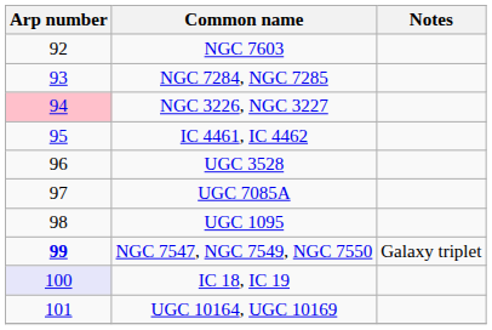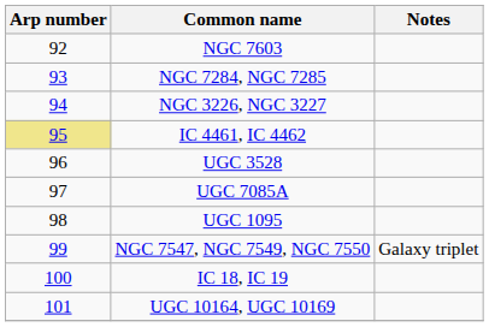 <table class="wikitable" style="text-align:center;">
 <tr>
 <th>Arp number</th>
 <th>Common name</th>
 <th>Notes</th>
 </tr>
 <tr>
 <td>92</td>
 <td><a href='#'>NGC 7603</a></td>
 <td></td>
 </tr>
 <tr>
 <td><a href='#'>93</a></td>
 <td><a href='#'>NGC 7284</a>, <a href='#'>NGC 7285</a></td>
 <td></td>
 </tr>
 <tr>
-<td style="background: pink;"><a href='#'>94</a></td>
+<td><a href='#'>94</a></td>
 <td><a href='#'>NGC 3226</a>, <a href='#'>NGC 3227</a></td>
 <td></td>
 </tr>
 <tr>
-<td><a href='#'>95</a></td>
+<td style="background: khaki;"><a href='#'>95</a></td>
 <td><a href='#'>IC 4461</a>, <a href='#'>IC 4462</a></td>
 <td></td>
 </tr>
 <tr>
 <td>96</td>
 <td><a href='#'>UGC 3528</a></td>
 <td></td>
 </tr>
 <tr>
 <td>97</td>
 <td><a href='#'>UGC 7085A</a></td>
 <td></td>
 </tr>
 <tr>
 <td>98</td>
 <td><a href='#'>UGC 1095</a></td>
 <td></td>
 </tr>
 <tr>
-<td><strong><a href='#'>99</a></strong></td>
+<td><a href='#'>99</a></td>
 <td><a href='#'>NGC 7547</a>, <a href='#'>NGC 7549</a>, <a href='#'>NGC 7550</a></td>
 <td>Galaxy triplet</td>
 </tr>
 <tr>
-<td style="background: lavender;"><a href='#'>100</a></td>
+<td><a href='#'>100</a></td>
 <td><a href='#'>IC 18</a>, <a href='#'>IC 19</a></td>
 <td></td>
 </tr>
 <tr>
 <td><a href='#'>101</a></td>
 <td><a href='#'>UGC 10164</a>, <a href='#'>UGC 10169</a></td>
 <td></td>
 </tr>
 <tr>
 </tr>
 </table>
